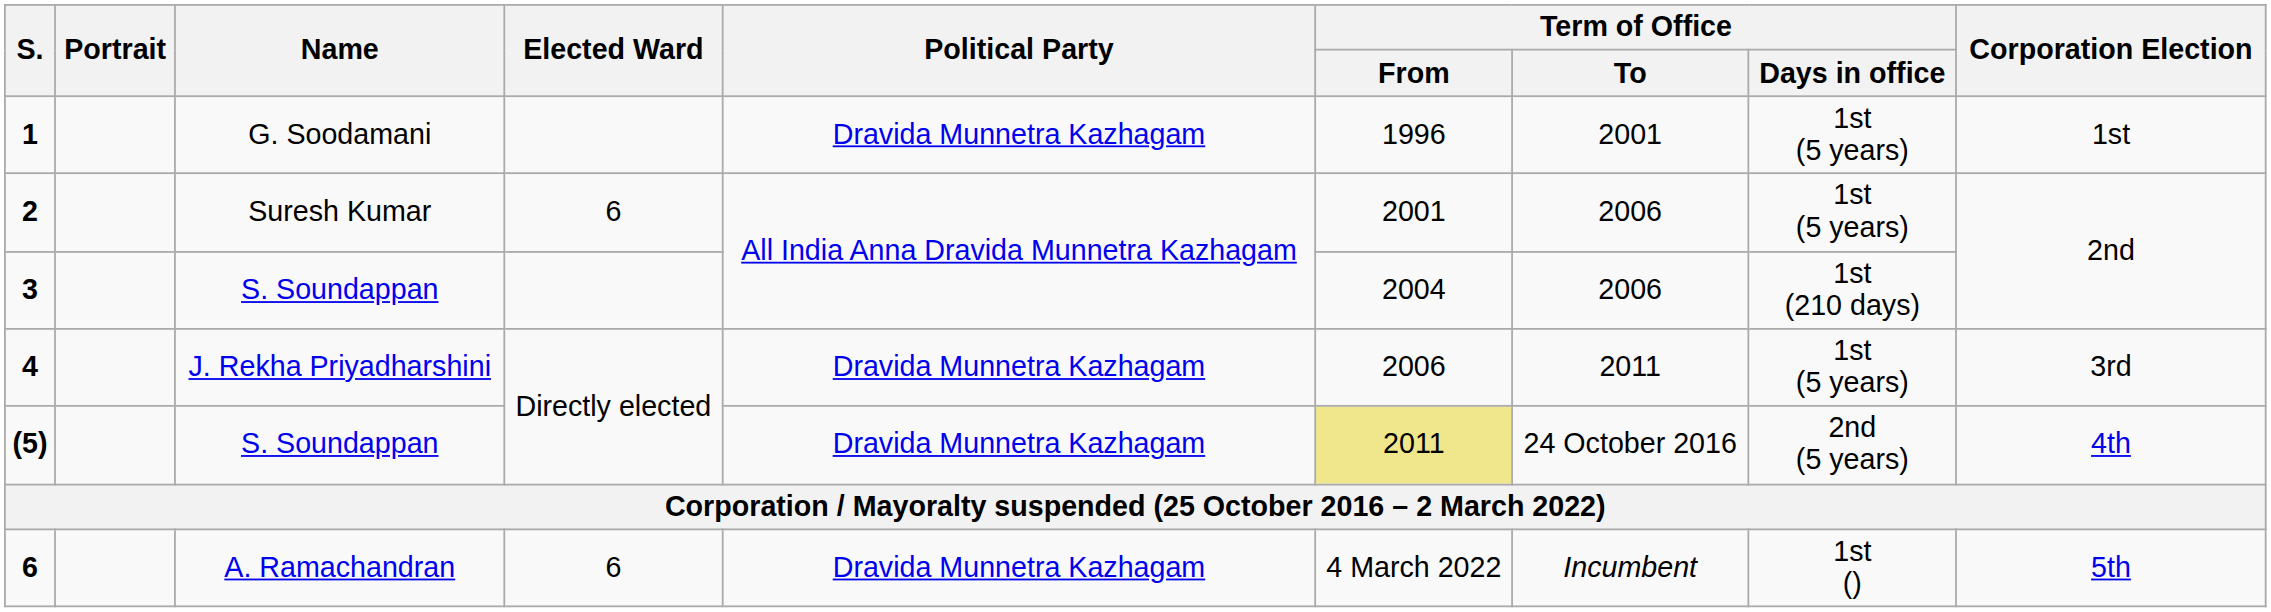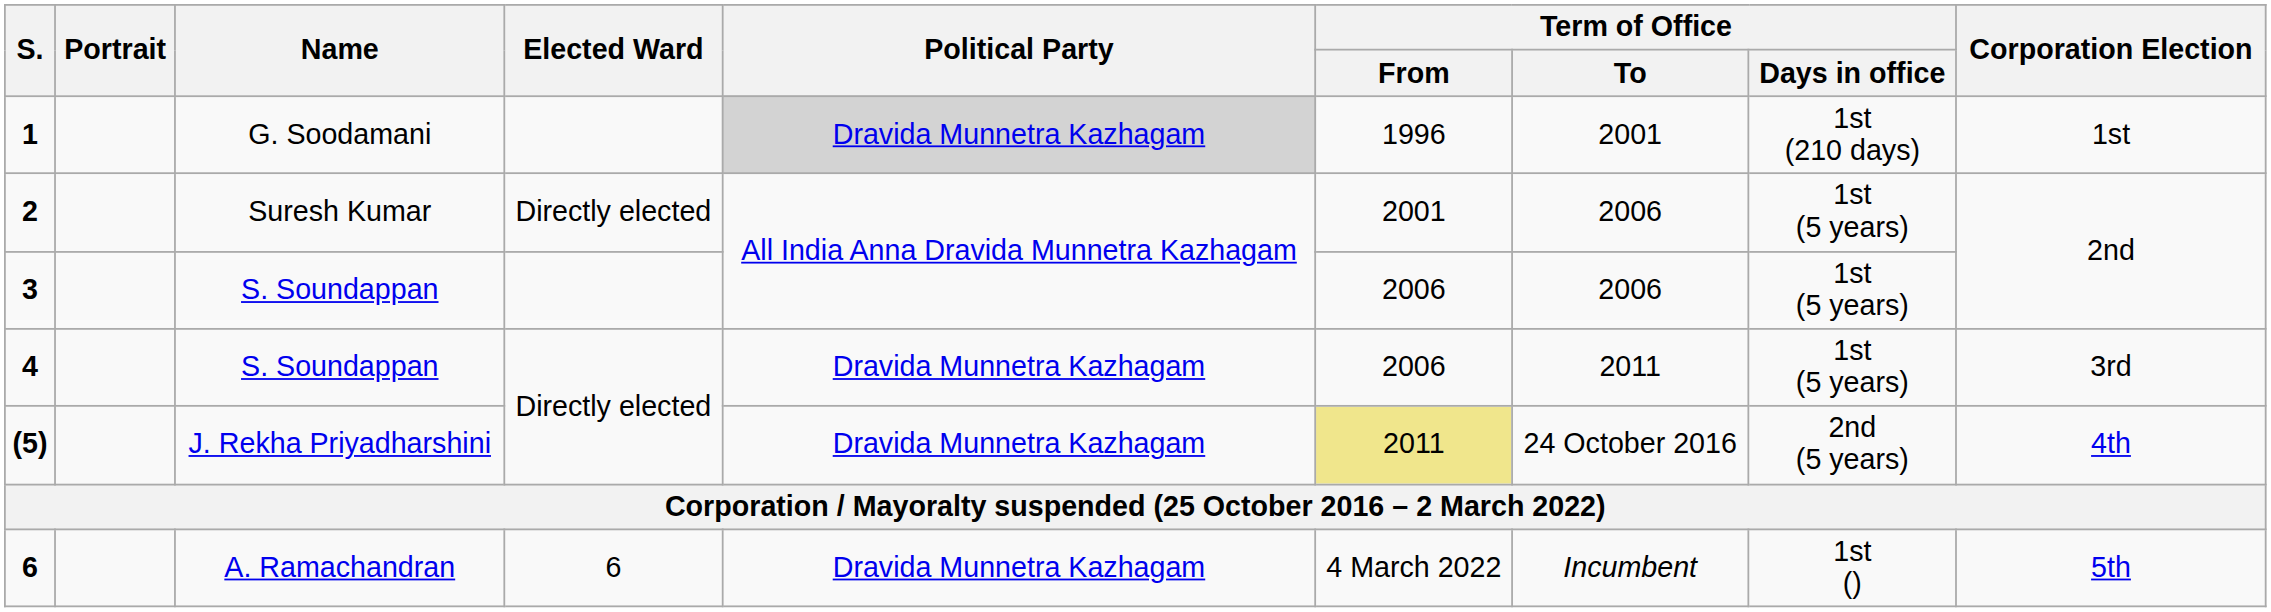 <table class="wikitable sortable" style="width:100%; text-align:center">
 <tr>
 <th rowspan="2">S.</th>
 <th rowspan="2">Portrait</th>
 <th rowspan="2">Name</th>
 <th rowspan="2">Elected Ward</th>
 <th rowspan="2">Political Party</th>
 <th colspan="3">Term of Office</th>
 <th rowspan="2">Corporation Election</th>
 </tr>
 <tr>
 <th>From</th>
 <th>To</th>
 <th>Days in office</th>
 </tr>
 <tr>
 <td style="background:"><strong>1</strong></td>
 <td></td>
 <td>G. Soodamani</td>
 <td></td>
-<td><a href='#'>Dravida Munnetra Kazhagam</a></td>
+<td style="background: lightgrey;"><a href='#'>Dravida Munnetra Kazhagam</a></td>
 <td>1996</td>
 <td>2001</td>
-<td>1st<br>(5 years)</td>
+<td>1st<br>(210 days)</td>
 <td>1st</td>
 </tr>
 <tr>
 <td style="background:"><strong>2</strong></td>
 <td></td>
 <td>Suresh Kumar</td>
-<td>6</td>
+<td>Directly elected</td>
 <td rowspan="2"><a href='#'>All India Anna Dravida Munnetra Kazhagam</a></td>
 <td>2001</td>
 <td>2006</td>
 <td>1st<br>(5 years)</td>
 <td rowspan="2">2nd</td>
 </tr>
 <tr>
 <td style="background:"><strong>3</strong></td>
 <td></td>
 <td><a href='#'>S. Soundappan</a></td>
 <td></td>
-<td>2004</td>
 <td>2006</td>
-<td>1st<br>(210 days)</td>
+<td>2006</td>
+<td>1st<br>(5 years)</td>
 </tr>
 <tr>
 <td style="background:"><strong>4</strong></td>
 <td></td>
-<td><a href='#'>J. Rekha Priyadharshini</a></td>
+<td><a href='#'>S. Soundappan</a></td>
 <td rowspan="2">Directly elected</td>
 <td><a href='#'>Dravida Munnetra Kazhagam</a></td>
 <td>2006</td>
 <td>2011</td>
 <td>1st<br>(5 years)</td>
 <td>3rd</td>
 </tr>
 <tr>
 <td style="background:"><strong>(5)</strong></td>
 <td></td>
-<td><a href='#'>S. Soundappan</a></td>
+<td><a href='#'>J. Rekha Priyadharshini</a></td>
 <td><a href='#'>Dravida Munnetra Kazhagam</a></td>
 <td style="background: khaki;">2011</td>
 <td>24 October 2016</td>
 <td>2nd<br>(5 years)</td>
 <td><a href='#'>4th</a></td>
 </tr>
 <tr>
 <th colspan="9">Corporation / Mayoralty suspended (25 October 2016 – 2 March 2022)</th>
 </tr>
 <tr>
 <td style="background:"><strong>6</strong></td>
 <td></td>
 <td><a href='#'>A. Ramachandran</a></td>
 <td>6</td>
 <td><a href='#'>Dravida Munnetra Kazhagam</a></td>
 <td>4 March 2022</td>
 <td><em>Incumbent</em></td>
 <td>1st<br>()</td>
 <td><a href='#'>5th</a></td>
 </tr>
 </table>
